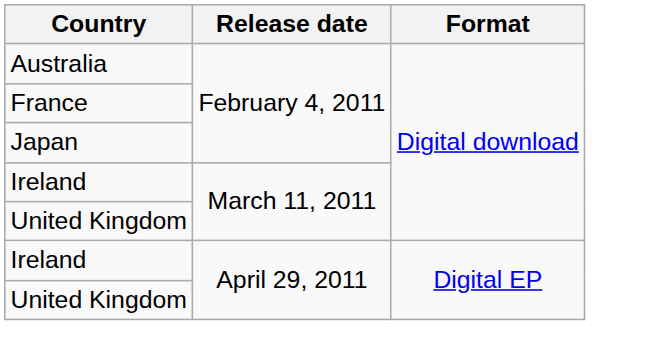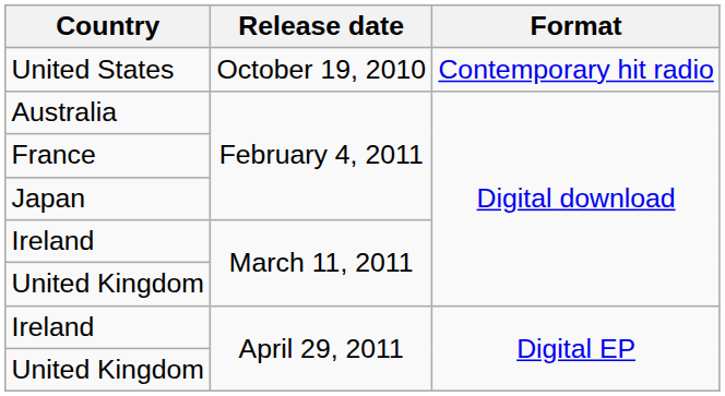 <table class="wikitable">
 <tr>
 <th>Country</th>
 <th>Release date</th>
 <th>Format</th>
+</tr>
+<tr>
+<td>United States</td>
+<td>October 19, 2010</td>
+<td style="text-align:center;"><a href='#'>Contemporary hit radio</a></td>
 </tr>
 <tr>
 <td>Australia</td>
 <td rowspan="3" style="text-align:center;">February 4, 2011</td>
 <td rowspan="5" style="text-align:center;"><a href='#'>Digital download</a></td>
 </tr>
 <tr>
 <td>France</td>
 </tr>
 <tr>
 <td>Japan</td>
 </tr>
 <tr>
 <td>Ireland</td>
 <td rowspan="2" style="text-align:center;">March 11, 2011</td>
 </tr>
 <tr>
 <td>United Kingdom</td>
 </tr>
 <tr>
 <td>Ireland</td>
 <td rowspan="2" style="text-align:center;">April 29, 2011</td>
 <td rowspan="2" style="text-align:center;"><a href='#'>Digital EP</a></td>
 </tr>
 <tr>
 <td>United Kingdom</td>
 </tr>
 </table>
